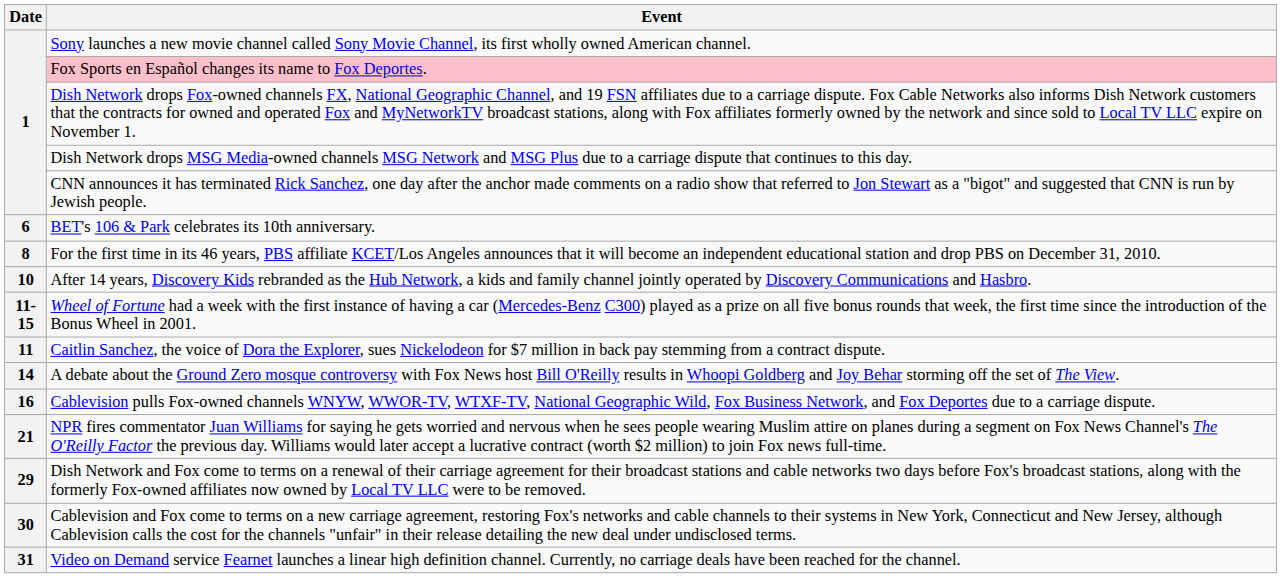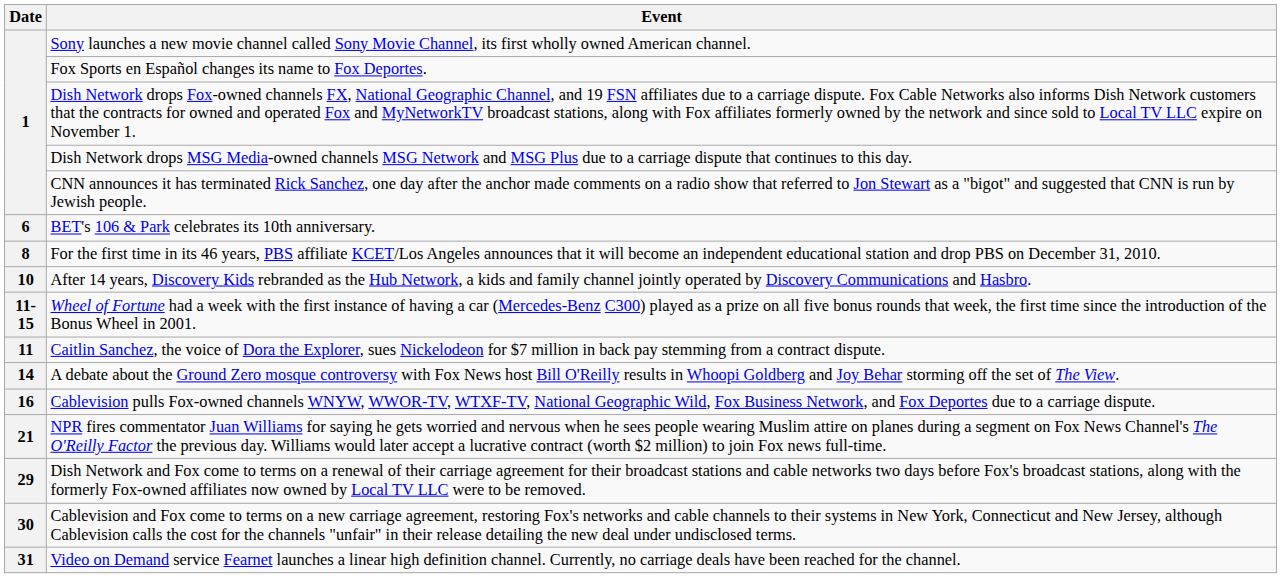 <table class="wikitable">
 <tr>
 <th>Date</th>
 <th>Event</th>
 </tr>
 <tr>
 <th style="text-align:center;" rowspan="5"><strong>1</strong></th>
 <td><a href='#'>Sony</a> launches a new movie channel called <a href='#'>Sony Movie Channel</a>, its first wholly owned American channel.</td>
 </tr>
 <tr>
-<td style="background: pink;">Fox Sports en Español changes its name to <a href='#'>Fox Deportes</a>.</td>
+<td>Fox Sports en Español changes its name to <a href='#'>Fox Deportes</a>.</td>
 </tr>
 <tr>
 <td><a href='#'>Dish Network</a> drops <a href='#'>Fox</a>-owned channels <a href='#'>FX</a>, <a href='#'>National Geographic Channel</a>, and 19 <a href='#'>FSN</a> affiliates due to a carriage dispute. Fox Cable Networks also informs Dish Network customers that the contracts for owned and operated <a href='#'>Fox</a> and <a href='#'>MyNetworkTV</a> broadcast stations, along with Fox affiliates formerly owned by the network and since sold to <a href='#'>Local TV LLC</a> expire on November 1.</td>
 </tr>
 <tr>
 <td>Dish Network drops <a href='#'>MSG Media</a>-owned channels <a href='#'>MSG Network</a> and <a href='#'>MSG Plus</a> due to a carriage dispute that continues to this day.</td>
 </tr>
 <tr>
 <td>CNN announces it has terminated <a href='#'>Rick Sanchez</a>, one day after the anchor made comments on a radio show that referred to <a href='#'>Jon Stewart</a> as a "bigot" and suggested that CNN is run by Jewish people.</td>
 </tr>
 <tr>
 <th style="text-align:center;"><strong>6</strong></th>
 <td><a href='#'>BET</a>'s <a href='#'>106 & Park</a> celebrates its 10th anniversary.</td>
 </tr>
 <tr>
 <th style="text-align:center;"><strong>8</strong></th>
 <td>For the first time in its 46 years, <a href='#'>PBS</a> affiliate <a href='#'>KCET</a>/Los Angeles announces that it will become an independent educational station and drop PBS on December 31, 2010.</td>
 </tr>
 <tr>
 <th style="text-align:center;"><strong>10</strong></th>
 <td>After 14 years, <a href='#'>Discovery Kids</a> rebranded as the <a href='#'>Hub Network</a>, a kids and family channel jointly operated by <a href='#'>Discovery Communications</a> and <a href='#'>Hasbro</a>.</td>
 </tr>
 <tr>
 <th style="text-align:center;"><strong>11-15</strong></th>
 <td><em><a href='#'>Wheel of Fortune</a></em> had a week with the first instance of having a car (<a href='#'>Mercedes-Benz</a> <a href='#'>C300</a>) played as a prize on all five bonus rounds that week, the first time since the introduction of the Bonus Wheel in 2001.</td>
 </tr>
 <tr>
 <th style="text-align:center;"><strong>11</strong></th>
 <td><a href='#'>Caitlin Sanchez</a>, the voice of <a href='#'>Dora the Explorer</a>, sues <a href='#'>Nickelodeon</a> for $7 million in back pay stemming from a contract dispute.</td>
 </tr>
 <tr>
 <th style="text-align:center;"><strong>14</strong></th>
 <td>A debate about the <a href='#'>Ground Zero mosque controversy</a> with Fox News host <a href='#'>Bill O'Reilly</a> results in <a href='#'>Whoopi Goldberg</a> and <a href='#'>Joy Behar</a> storming off the set of <em><a href='#'>The View</a></em>.</td>
 </tr>
 <tr>
 <th style="text-align:center;"><strong>16</strong></th>
 <td><a href='#'>Cablevision</a> pulls Fox-owned channels <a href='#'>WNYW</a>, <a href='#'>WWOR-TV</a>, <a href='#'>WTXF-TV</a>, <a href='#'>National Geographic Wild</a>, <a href='#'>Fox Business Network</a>, and <a href='#'>Fox Deportes</a> due to a carriage dispute.</td>
 </tr>
 <tr>
 <th style="text-align:center;"><strong>21</strong></th>
 <td><a href='#'>NPR</a> fires commentator <a href='#'>Juan Williams</a> for saying he gets worried and nervous when he sees people wearing Muslim attire on planes during a segment on Fox News Channel's <em><a href='#'>The O'Reilly Factor</a></em> the previous day.  Williams would later accept a lucrative contract (worth $2 million) to join Fox news full-time.</td>
 </tr>
 <tr>
 <th style="text-align:center;"><strong>29</strong></th>
 <td>Dish Network and Fox come to terms on a renewal of their carriage agreement for their broadcast stations and cable networks two days before Fox's broadcast stations, along with the formerly Fox-owned affiliates now owned by <a href='#'>Local TV LLC</a> were to be removed.</td>
 </tr>
 <tr>
 <th style="text-align:center;"><strong>30</strong></th>
 <td>Cablevision and Fox come to terms on a new carriage agreement, restoring Fox's networks and cable channels to their systems in New York, Connecticut and New Jersey, although Cablevision calls the cost for the channels "unfair" in their release detailing the new deal under undisclosed terms.</td>
 </tr>
 <tr>
 <th style="text-align:center;"><strong>31</strong></th>
 <td><a href='#'>Video on Demand</a> service <a href='#'>Fearnet</a> launches a linear high definition channel. Currently, no carriage deals have been reached for the channel.</td>
 </tr>
 </table>
